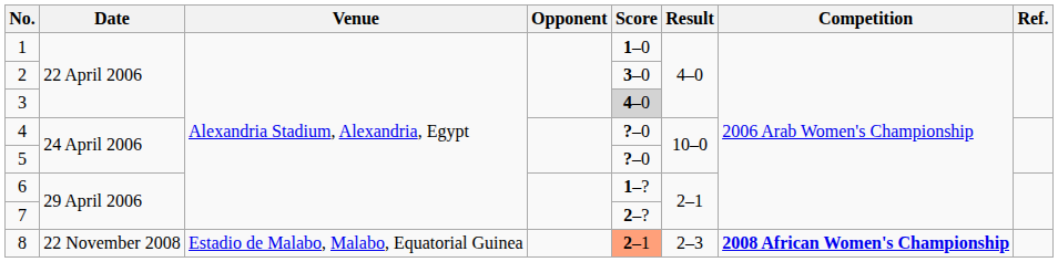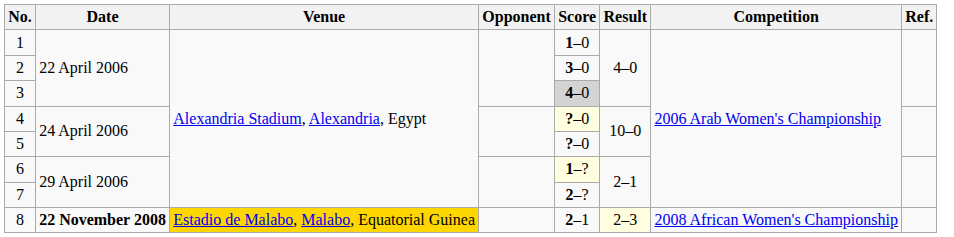 <table class="wikitable">
 <tr>
 <th>No.</th>
 <th>Date</th>
 <th>Venue</th>
 <th>Opponent</th>
 <th>Score</th>
 <th>Result</th>
 <th>Competition</th>
 <th>Ref.</th>
 </tr>
 <tr>
 <td style="text-align:center;">1</td>
 <td rowspan=3>22 April 2006</td>
 <td rowspan=7><a href='#'>Alexandria Stadium</a>, <a href='#'>Alexandria</a>, Egypt</td>
 <td rowspan=3></td>
 <td style="text-align:center;"><strong>1</strong>–0</td>
 <td rowspan=3 style="text-align:center;">4–0</td>
 <td rowspan=7><a href='#'>2006 Arab Women's Championship</a></td>
 <td rowspan=3></td>
 </tr>
 <tr style="text-align:center;">
 <td>2</td>
 <td><strong>3</strong>–0</td>
 </tr>
 <tr style="text-align:center;">
 <td>3</td>
 <td style="background: lightgrey;"><strong>4</strong>–0</td>
 </tr>
 <tr>
 <td style="text-align:center;">4</td>
 <td rowspan=2>24 April 2006</td>
 <td rowspan=2></td>
-<td style="text-align:center;"><strong>?</strong>–0</td>
+<td style="background: lightyellow; text-align:center;"><strong>?</strong>–0</td>
 <td rowspan=2 style="text-align:center;">10–0</td>
 <td rowspan=2></td>
 </tr>
 <tr style="text-align:center;">
 <td>5</td>
 <td><strong>?</strong>–0</td>
 </tr>
 <tr>
 <td style="text-align:center;">6</td>
 <td rowspan=2>29 April 2006</td>
 <td rowspan=2></td>
-<td style="text-align:center;"><strong>1</strong>–?</td>
+<td style="background: lightyellow; text-align:center;"><strong>1</strong>–?</td>
 <td rowspan=2 style="text-align:center;">2–1</td>
 <td rowspan=2></td>
 </tr>
 <tr style="text-align:center;">
 <td>7</td>
 <td><strong>2</strong>–?</td>
 </tr>
 <tr>
 <td style="text-align:center;">8</td>
-<td>22 November 2008</td>
-<td><a href='#'>Estadio de Malabo</a>, <a href='#'>Malabo</a>, Equatorial Guinea</td>
+<td><strong>22 November 2008</strong></td>
+<td style="background: gold;"><a href='#'>Estadio de Malabo</a>, <a href='#'>Malabo</a>, Equatorial Guinea</td>
 <td></td>
-<td style="background: lightsalmon; text-align:center;"><strong>2</strong>–1</td>
-<td style="text-align:center;">2–3</td>
-<td><strong><a href='#'>2008 African Women's Championship</a></strong></td>
+<td style="text-align:center;"><strong>2</strong>–1</td>
+<td style="background: lightyellow; text-align:center;">2–3</td>
+<td><a href='#'>2008 African Women's Championship</a></td>
 <td></td>
 </tr>
 </table>
